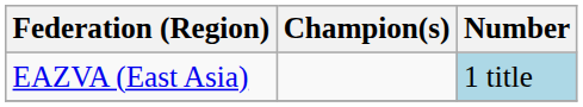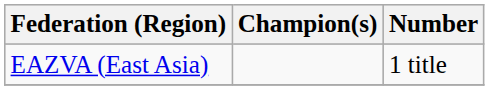 <table class="wikitable">
 <tr>
 <th>Federation (Region)</th>
 <th>Champion(s)</th>
 <th>Number</th>
 </tr>
 <tr>
 <td><a href='#'>EAZVA (East Asia)</a></td>
 <td></td>
-<td style="background: lightblue;">1 title</td>
+<td>1 title</td>
 </tr>
 <tr>
 </tr>
 </table>
